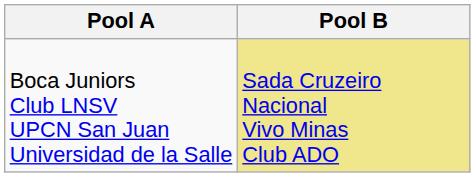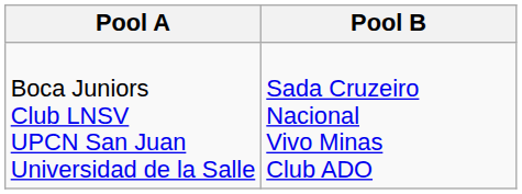 <table class="wikitable">
 <tr>
 <th width=50%>Pool A</th>
 <th width=50%>Pool B</th>
 </tr>
 <tr>
 <td><br> Boca Juniors<br>  <a href='#'>Club LNSV</a><br>  <a href='#'>UPCN San Juan</a><br>  <a href='#'>Universidad de la Salle</a></td>
-<td style="background: khaki;"><br> <a href='#'>Sada Cruzeiro</a><br>  <a href='#'>Nacional</a><br>  <a href='#'>Vivo Minas</a><br>  <a href='#'>Club ADO</a></td>
+<td><br> <a href='#'>Sada Cruzeiro</a><br>  <a href='#'>Nacional</a><br>  <a href='#'>Vivo Minas</a><br>  <a href='#'>Club ADO</a></td>
 </tr>
 </table>
